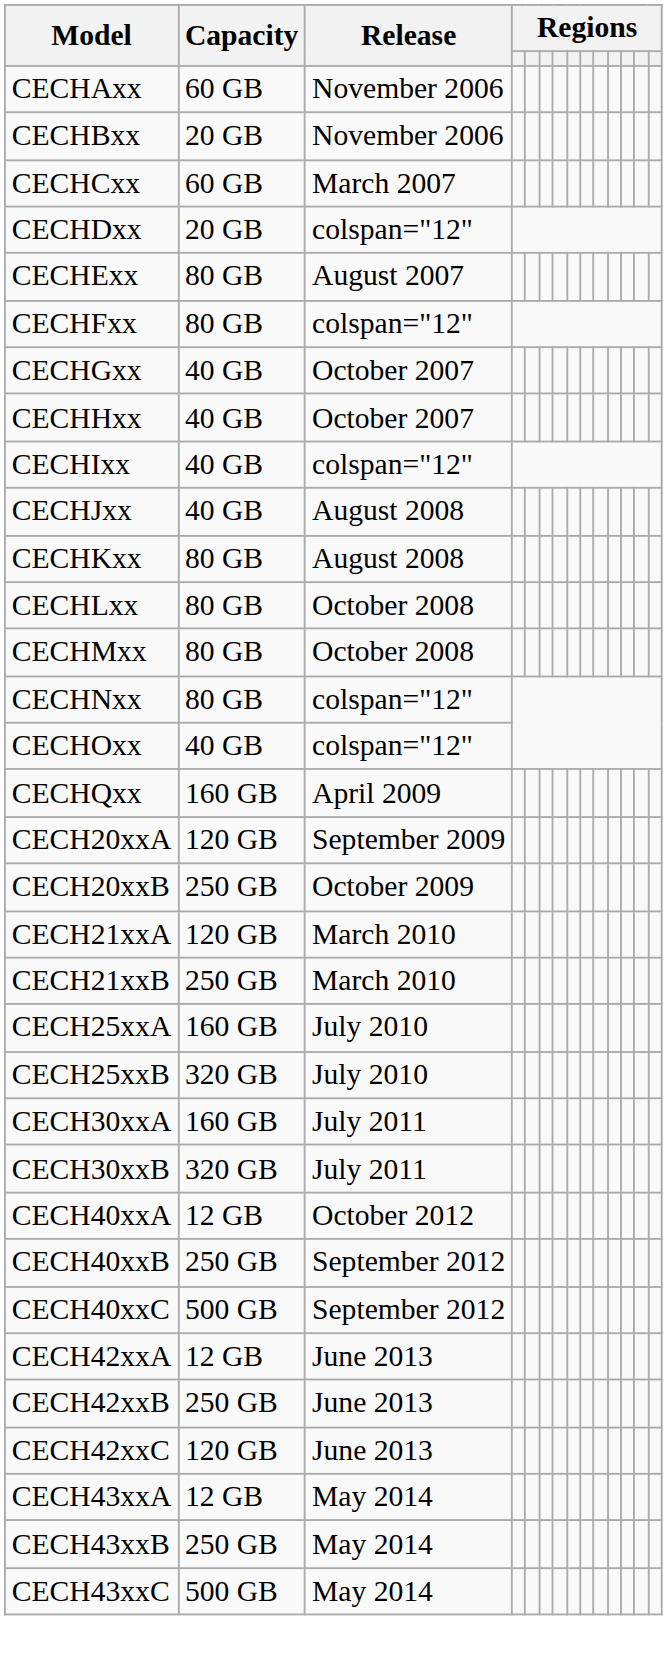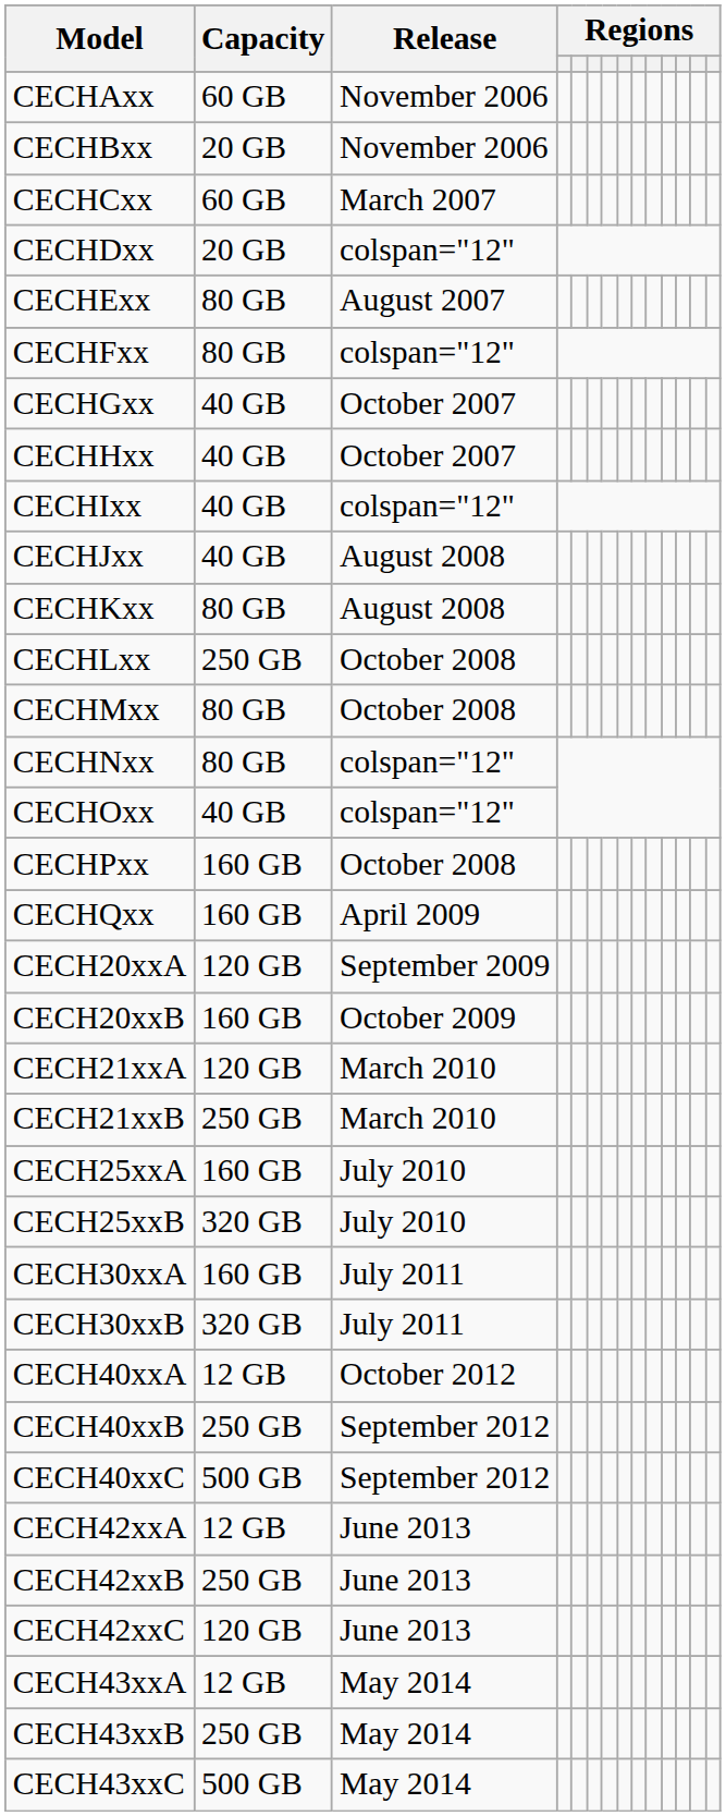 <table class="wikitable sortable sticky-header-multi">
 <tr>
 <th rowspan="2" class="unsortable">Model</th>
 <th rowspan="2" class="unsortable">Capacity</th>
 <th rowspan="2" class="unsortable">Release</th>
 <th colspan="11" class="unsortable">Regions</th>
 </tr>
 <tr>
 <th class="unsortable"></th>
 <th class="unsortable"></th>
 <th class="unsortable"></th>
 <th class="unsortable"></th>
 <th class="unsortable"></th>
 <th class="unsortable"></th>
 <th class="unsortable"></th>
 <th class="unsortable"></th>
 <th class="unsortable"></th>
 <th class="unsortable"></th>
 <th class="unsortable"></th>
 </tr>
 <tr>
 <td>CECHAxx</td>
 <td>60 GB</td>
 <td>November 2006</td>
 <td></td>
 <td></td>
 <td></td>
 <td></td>
 <td></td>
 <td></td>
 <td></td>
 <td></td>
 <td></td>
 <td></td>
 <td></td>
 </tr>
 <tr>
 <td>CECHBxx</td>
 <td>20 GB</td>
 <td>November 2006</td>
 <td></td>
 <td></td>
 <td></td>
 <td></td>
 <td></td>
 <td></td>
 <td></td>
 <td></td>
 <td></td>
 <td></td>
 <td></td>
 </tr>
 <tr>
 <td>CECHCxx</td>
 <td>60 GB</td>
 <td>March 2007</td>
 <td></td>
 <td></td>
 <td></td>
 <td></td>
 <td></td>
 <td></td>
 <td></td>
 <td></td>
 <td></td>
 <td></td>
 <td></td>
 </tr>
 <tr>
 <td>CECHDxx</td>
 <td>20 GB</td>
 <td>colspan="12" </td>
 </tr>
 <tr>
 <td>CECHExx</td>
 <td>80 GB</td>
 <td>August 2007</td>
 <td></td>
 <td></td>
 <td></td>
 <td></td>
 <td></td>
 <td></td>
 <td></td>
 <td></td>
 <td></td>
 <td></td>
 <td></td>
 </tr>
 <tr>
 <td>CECHFxx</td>
 <td>80 GB</td>
 <td>colspan="12" </td>
 </tr>
 <tr>
 <td>CECHGxx</td>
 <td>40 GB</td>
 <td>October 2007</td>
 <td></td>
 <td></td>
 <td></td>
 <td></td>
 <td></td>
 <td></td>
 <td></td>
 <td></td>
 <td></td>
 <td></td>
 <td></td>
 </tr>
 <tr>
 <td>CECHHxx</td>
 <td>40 GB</td>
 <td>October 2007</td>
 <td></td>
 <td></td>
 <td></td>
 <td></td>
 <td></td>
 <td></td>
 <td></td>
 <td></td>
 <td></td>
 <td></td>
 <td></td>
 </tr>
 <tr>
 <td>CECHIxx</td>
 <td>40 GB</td>
 <td>colspan="12" </td>
 </tr>
 <tr>
 <td>CECHJxx</td>
 <td>40 GB</td>
 <td>August 2008</td>
 <td></td>
 <td></td>
 <td></td>
 <td></td>
 <td></td>
 <td></td>
 <td></td>
 <td></td>
 <td></td>
 <td></td>
 <td></td>
 </tr>
 <tr>
 <td>CECHKxx</td>
 <td>80 GB</td>
 <td>August 2008</td>
 <td></td>
 <td></td>
 <td></td>
 <td></td>
 <td></td>
 <td></td>
 <td></td>
 <td></td>
 <td></td>
 <td></td>
 <td></td>
 </tr>
 <tr>
 <td>CECHLxx</td>
-<td>80 GB</td>
+<td>250 GB</td>
 <td>October 2008</td>
 <td></td>
 <td></td>
 <td></td>
 <td></td>
 <td></td>
 <td></td>
 <td></td>
 <td></td>
 <td></td>
 <td></td>
 <td></td>
 </tr>
 <tr>
 <td>CECHMxx</td>
 <td>80 GB</td>
 <td>October 2008</td>
 <td></td>
 <td></td>
 <td></td>
 <td></td>
 <td></td>
 <td></td>
 <td></td>
 <td></td>
 <td></td>
 <td></td>
 <td></td>
 </tr>
 <tr>
 <td>CECHNxx</td>
 <td>80 GB</td>
 <td>colspan="12" </td>
 </tr>
 <tr>
 <td>CECHOxx</td>
 <td>40 GB</td>
 <td>colspan="12" </td>
 </tr>
 <tr>
+<td>CECHPxx</td>
+<td>160 GB</td>
+<td>October 2008</td>
+<td></td>
+<td></td>
+<td></td>
+<td></td>
+<td></td>
+<td></td>
+<td></td>
+<td></td>
+<td></td>
+<td></td>
+<td></td>
+</tr>
+<tr>
 <td>CECHQxx</td>
 <td>160 GB</td>
 <td>April 2009</td>
 <td></td>
 <td></td>
 <td></td>
 <td></td>
 <td></td>
 <td></td>
 <td></td>
 <td></td>
 <td></td>
 <td></td>
 <td></td>
 </tr>
 <tr>
 <td>CECH20xxA</td>
 <td>120 GB</td>
 <td>September 2009</td>
 <td></td>
 <td></td>
 <td></td>
 <td></td>
 <td></td>
 <td></td>
 <td></td>
 <td></td>
 <td></td>
 <td></td>
 <td></td>
 </tr>
 <tr>
 <td>CECH20xxB</td>
-<td>250 GB</td>
+<td>160 GB</td>
 <td>October 2009</td>
 <td></td>
 <td></td>
 <td></td>
 <td></td>
 <td></td>
 <td></td>
 <td></td>
 <td></td>
 <td></td>
 <td></td>
 <td></td>
 </tr>
 <tr>
 <td>CECH21xxA</td>
 <td>120 GB</td>
 <td>March 2010</td>
 <td></td>
 <td></td>
 <td></td>
 <td></td>
 <td></td>
 <td></td>
 <td></td>
 <td></td>
 <td></td>
 <td></td>
 <td></td>
 </tr>
 <tr>
 <td>CECH21xxB</td>
 <td>250 GB</td>
 <td>March 2010</td>
 <td></td>
 <td></td>
 <td></td>
 <td></td>
 <td></td>
 <td></td>
 <td></td>
 <td></td>
 <td></td>
 <td></td>
 <td></td>
 </tr>
 <tr>
 <td>CECH25xxA</td>
 <td>160 GB</td>
 <td>July 2010</td>
 <td></td>
 <td></td>
 <td></td>
 <td></td>
 <td></td>
 <td></td>
 <td></td>
 <td></td>
 <td></td>
 <td></td>
 <td></td>
 </tr>
 <tr>
 <td>CECH25xxB</td>
 <td>320 GB</td>
 <td>July 2010</td>
 <td></td>
 <td></td>
 <td></td>
 <td></td>
 <td></td>
 <td></td>
 <td></td>
 <td></td>
 <td></td>
 <td></td>
 <td></td>
 </tr>
 <tr>
 <td>CECH30xxA</td>
 <td>160 GB</td>
 <td>July 2011</td>
 <td></td>
 <td></td>
 <td></td>
 <td></td>
 <td></td>
 <td></td>
 <td></td>
 <td></td>
 <td></td>
 <td></td>
 <td></td>
 </tr>
 <tr>
 <td>CECH30xxB</td>
 <td>320 GB</td>
 <td>July 2011</td>
 <td></td>
 <td></td>
 <td></td>
 <td></td>
 <td></td>
 <td></td>
 <td></td>
 <td></td>
 <td></td>
 <td></td>
 <td></td>
 </tr>
 <tr>
 <td>CECH40xxA</td>
 <td>12 GB</td>
 <td>October 2012</td>
 <td></td>
 <td></td>
 <td></td>
 <td></td>
 <td></td>
 <td></td>
 <td></td>
 <td></td>
 <td></td>
 <td></td>
 <td></td>
 </tr>
 <tr>
 <td>CECH40xxB</td>
 <td>250 GB</td>
 <td>September 2012</td>
 <td></td>
 <td></td>
 <td></td>
 <td></td>
 <td></td>
 <td></td>
 <td></td>
 <td></td>
 <td></td>
 <td></td>
 <td></td>
 </tr>
 <tr>
 <td>CECH40xxC</td>
 <td>500 GB</td>
 <td>September 2012</td>
 <td></td>
 <td></td>
 <td></td>
 <td></td>
 <td></td>
 <td></td>
 <td></td>
 <td></td>
 <td></td>
 <td></td>
 <td></td>
 </tr>
 <tr>
 <td>CECH42xxA</td>
 <td>12 GB</td>
 <td>June 2013</td>
 <td></td>
 <td></td>
 <td></td>
 <td></td>
 <td></td>
 <td></td>
 <td></td>
 <td></td>
 <td></td>
 <td></td>
 <td></td>
 </tr>
 <tr>
 <td>CECH42xxB</td>
 <td>250 GB</td>
 <td>June 2013</td>
 <td></td>
 <td></td>
 <td></td>
 <td></td>
 <td></td>
 <td></td>
 <td></td>
 <td></td>
 <td></td>
 <td></td>
 <td></td>
 </tr>
 <tr>
 <td>CECH42xxC</td>
 <td>120 GB</td>
 <td>June 2013</td>
 <td></td>
 <td></td>
 <td></td>
 <td></td>
 <td></td>
 <td></td>
 <td></td>
 <td></td>
 <td></td>
 <td></td>
 <td></td>
 </tr>
 <tr>
 <td>CECH43xxA</td>
 <td>12 GB</td>
 <td>May 2014</td>
 <td></td>
 <td></td>
 <td></td>
 <td></td>
 <td></td>
 <td></td>
 <td></td>
 <td></td>
 <td></td>
 <td></td>
 <td></td>
 </tr>
 <tr>
 <td>CECH43xxB</td>
 <td>250 GB</td>
 <td>May 2014</td>
 <td></td>
 <td></td>
 <td></td>
 <td></td>
 <td></td>
 <td></td>
 <td></td>
 <td></td>
 <td></td>
 <td></td>
 <td></td>
 </tr>
 <tr>
 <td>CECH43xxC</td>
 <td>500 GB</td>
 <td>May 2014</td>
 <td></td>
 <td></td>
 <td></td>
 <td></td>
 <td></td>
 <td></td>
 <td></td>
 <td></td>
 <td></td>
 <td></td>
 <td></td>
 </tr>
 </table>
